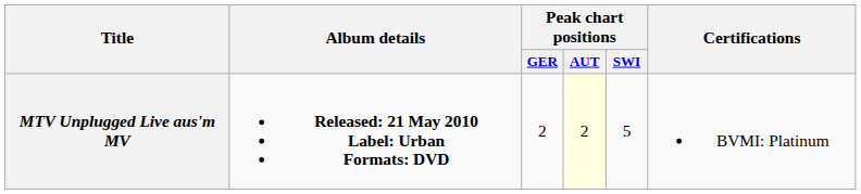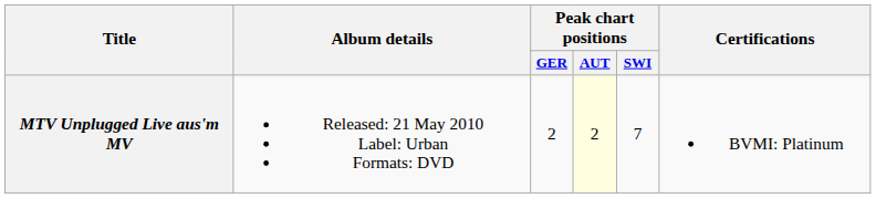 <table class="wikitable plainrowheaders" style="text-align:center;">
 <tr>
 <th scope="col" rowspan="2" style="width:13em;">Title</th>
 <th scope="col" rowspan="2" style="width:17em;">Album details</th>
 <th scope="col" colspan="3">Peak chart positions</th>
 <th scope="col" rowspan="2" style="width:12em;">Certifications</th>
 </tr>
 <tr>
 <th style="width:2.5em; font-size:85%"><a href='#'>GER</a><br></th>
 <th style="width:2.5em; font-size:85%"><a href='#'>AUT</a><br></th>
 <th style="width:2.5em; font-size:85%"><a href='#'>SWI</a><br></th>
 </tr>
 <tr>
 <th scope="row"><em>MTV Unplugged Live aus'm MV</em></th>
-<td><strong><br><ul><li>Released: 21 May 2010</li><li>Label: Urban</li><li>Formats: DVD</li></ul></strong></td>
+<td><br><ul><li>Released: 21 May 2010</li><li>Label: Urban</li><li>Formats: DVD</li></ul></td>
 <td>2</td>
 <td style="background: lightyellow;">2</td>
-<td>5</td>
+<td>7</td>
 <td><br><ul><li>BVMI: Platinum</li></ul></td>
 </tr>
 </table>
